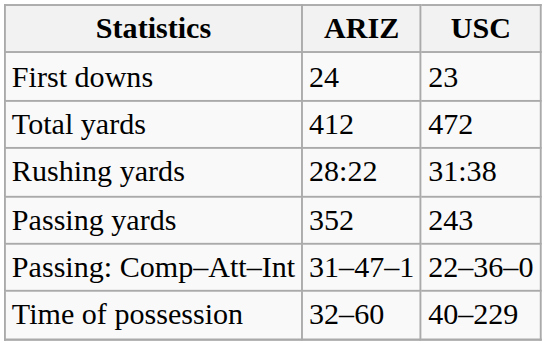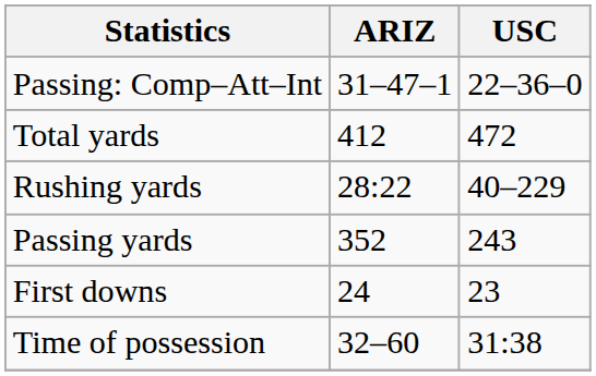 <table class="wikitable" style="float: left;">
 <tr>
 <th>Statistics</th>
 <th>ARIZ</th>
 <th>USC</th>
 </tr>
 <tr>
-<td>First downs</td>
-<td>24</td>
-<td>23</td>
+<td>Passing: Comp–Att–Int</td>
+<td>31–47–1</td>
+<td>22–36–0</td>
 </tr>
 <tr>
 <td>Total yards</td>
 <td>412</td>
 <td>472</td>
 </tr>
 <tr>
 <td>Rushing yards</td>
 <td>28:22</td>
-<td>31:38</td>
+<td>40–229</td>
 </tr>
 <tr>
 <td>Passing yards</td>
 <td>352</td>
 <td>243</td>
 </tr>
 <tr>
-<td>Passing: Comp–Att–Int</td>
-<td>31–47–1</td>
-<td>22–36–0</td>
+<td>First downs</td>
+<td>24</td>
+<td>23</td>
 </tr>
 <tr>
 <td>Time of possession</td>
 <td>32–60</td>
-<td>40–229</td>
+<td>31:38</td>
 </tr>
 <tr>
 </tr>
 </table>
